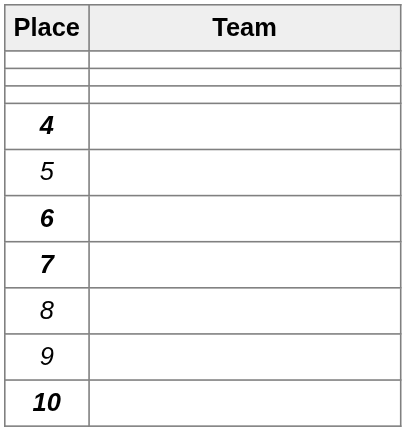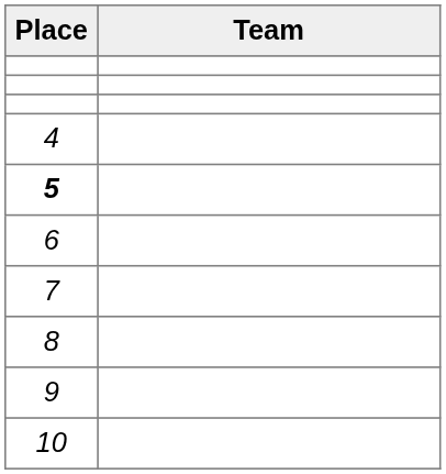 <table style=border-collapse:collapse border=1 cellspacing=0 cellpadding=5>
 <tr align=center bgcolor=#efefef>
 <th width=35>Place</th>
 <th width=185>Team</th>
 </tr>
 <tr align=center>
 <td></td>
 <td style="text-align:left;"></td>
 </tr>
 <tr align=center>
 <td></td>
 <td style="text-align:left;"></td>
 </tr>
 <tr align=center>
 <td></td>
 <td style="text-align:left;"></td>
 </tr>
 <tr align=center>
-<td><strong><em>4</em></strong></td>
+<td><em>4</em></td>
 <td style="text-align:left;"></td>
 </tr>
 <tr align=center>
-<td><em>5</em></td>
+<td><strong><em>5</em></strong></td>
 <td style="text-align:left;"></td>
 </tr>
 <tr align=center>
-<td><strong><em>6</em></strong></td>
+<td><em>6</em></td>
 <td style="text-align:left;"></td>
 </tr>
 <tr align=center>
-<td><strong><em>7</em></strong></td>
+<td><em>7</em></td>
 <td style="text-align:left;"></td>
 </tr>
 <tr align=center>
 <td><em>8</em></td>
 <td style="text-align:left;"></td>
 </tr>
 <tr align=center>
 <td><em>9</em></td>
 <td style="text-align:left;"></td>
 </tr>
 <tr align=center>
-<td><strong><em>10</em></strong></td>
+<td><em>10</em></td>
 <td style="text-align:left;"></td>
 </tr>
 </table>
